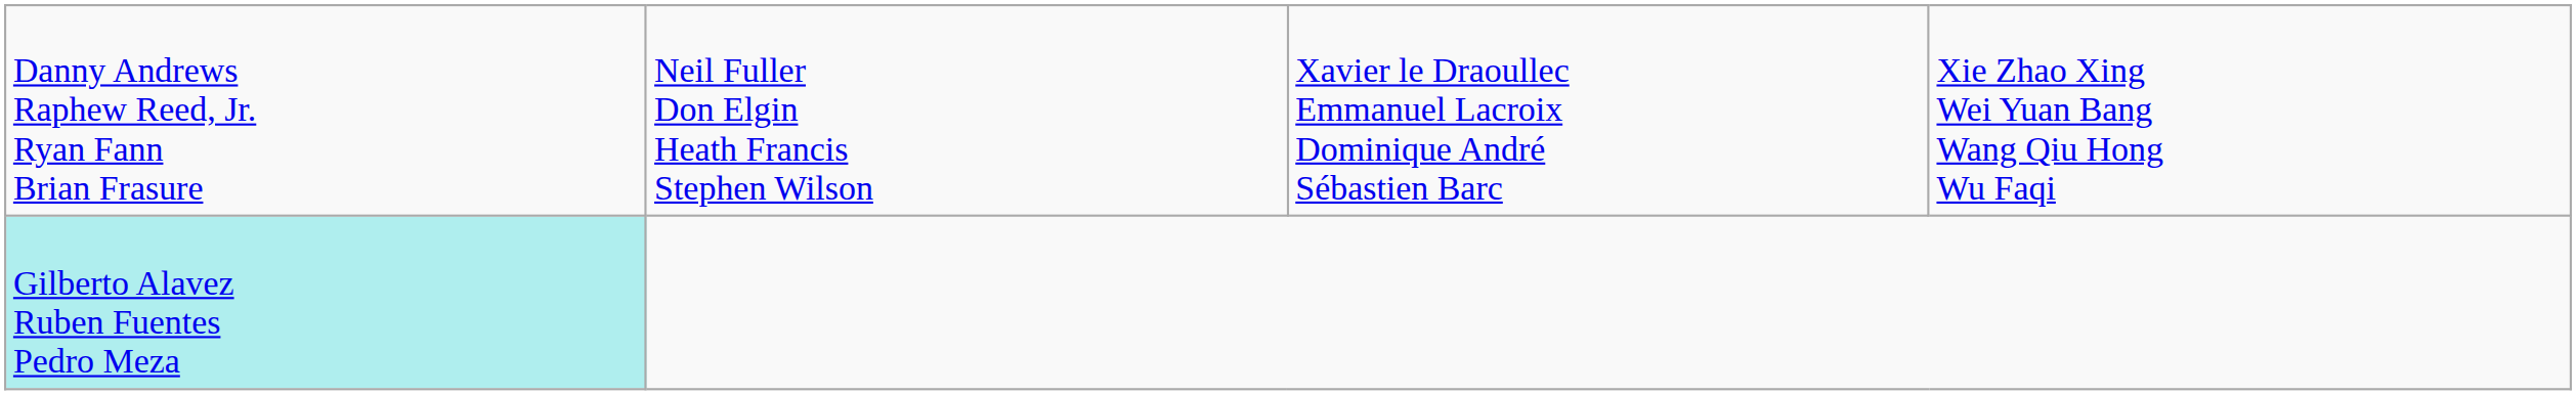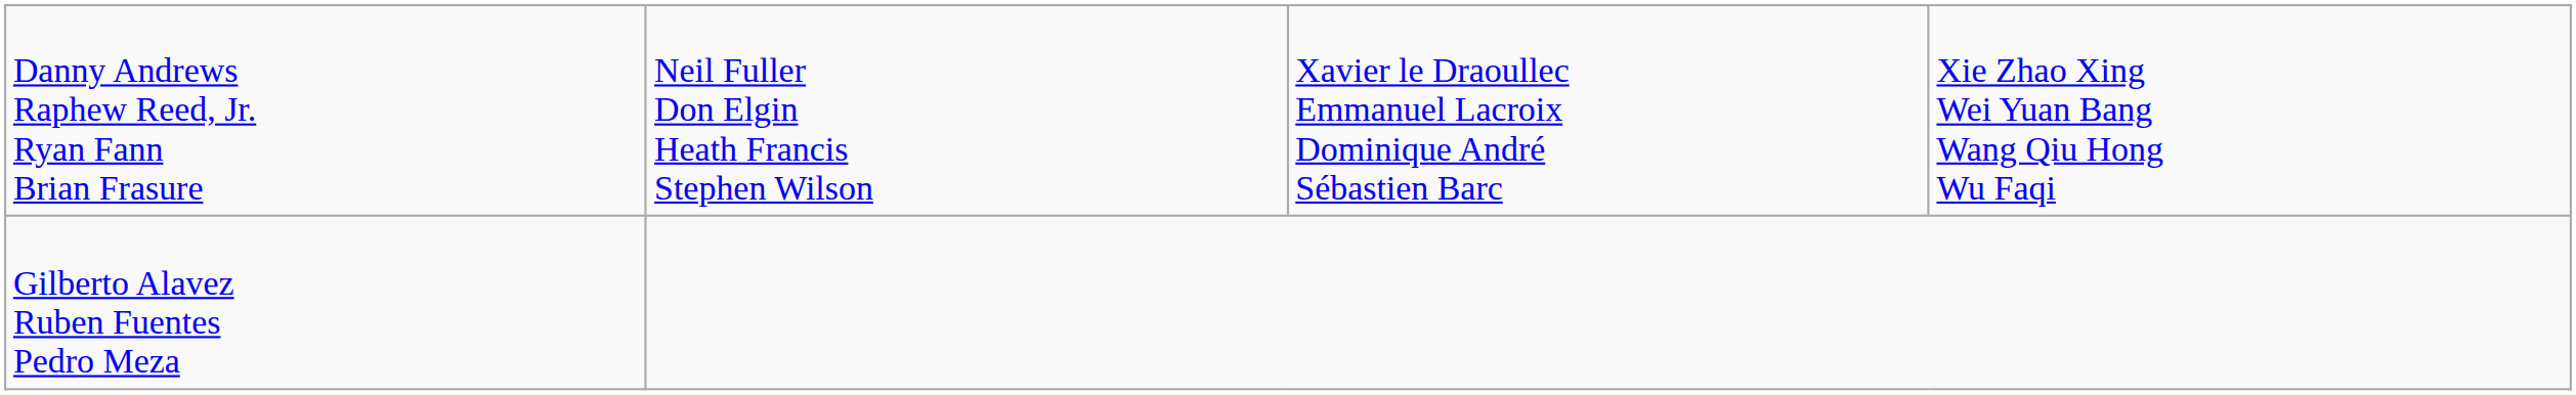 <table class="wikitable">
 <tr>
 <td style="vertical-align:top; width:18em"><br><a href='#'>Danny Andrews</a><br><a href='#'>Raphew Reed, Jr.</a><br><a href='#'>Ryan Fann</a><br><a href='#'>Brian Frasure</a></td>
 <td style="vertical-align:top; width:18em"><br><a href='#'>Neil Fuller</a><br><a href='#'>Don Elgin</a><br><a href='#'>Heath Francis</a><br><a href='#'>Stephen Wilson</a></td>
 <td style="vertical-align:top; width:18em"><br><a href='#'>Xavier le Draoullec</a><br><a href='#'>Emmanuel Lacroix</a><br><a href='#'>Dominique André</a><br><a href='#'>Sébastien Barc</a></td>
 <td style="vertical-align:top; width:18em"><br><a href='#'>Xie Zhao Xing</a><br><a href='#'>Wei Yuan Bang</a><br><a href='#'>Wang Qiu Hong</a><br><a href='#'>Wu Faqi</a></td>
 </tr>
 <tr>
-<td style="background: paleturquoise; vertical-align:top; width:18em"><br><a href='#'>Gilberto Alavez</a><br><a href='#'>Ruben Fuentes</a><br><a href='#'>Pedro Meza</a></td>
+<td style="vertical-align:top; width:18em"><br><a href='#'>Gilberto Alavez</a><br><a href='#'>Ruben Fuentes</a><br><a href='#'>Pedro Meza</a></td>
 </tr>
 </table>
